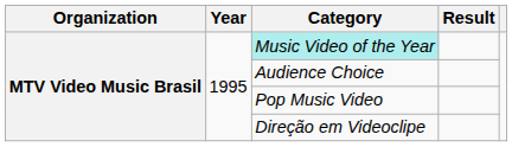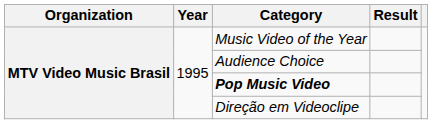 <table class="wikitable sortable plainrowheaders" style="border:none; margin:0;">
 <tr>
 <th scope="col">Organization</th>
 <th scope="col">Year</th>
 <th scope="col">Category</th>
 <th scope="col">Result</th>
 <th class="unsortable" scope="col"></th>
 </tr>
 <tr>
 <th rowspan="4" scope="row">MTV Video Music Brasil</th>
 <td rowspan="4">1995</td>
-<td style="background: paleturquoise;"><em>Music Video of the Year</em></td>
+<td><em>Music Video of the Year</em></td>
 <td></td>
 <td rowspan="4"></td>
 </tr>
 <tr>
 <td><em>Audience Choice</em></td>
 <td></td>
 </tr>
 <tr>
-<td><em>Pop Music Video</em></td>
+<td><strong><em>Pop Music Video</em></strong></td>
 <td></td>
 </tr>
 <tr>
 <td><em>Direção em Videoclipe</em></td>
 <td></td>
 </tr>
 </table>
